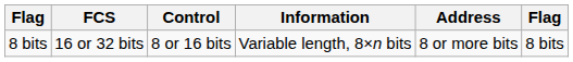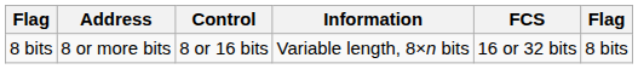 <table class="wikitable">
 <tr>
 <th>Flag</th>
-<th>FCS</th>
+<th>Address</th>
 <th>Control</th>
 <th>Information</th>
-<th>Address</th>
+<th>FCS</th>
 <th>Flag</th>
 </tr>
 <tr>
 <td>8 bits</td>
-<td>16 or 32 bits</td>
+<td>8 or more bits</td>
 <td>8 or 16 bits</td>
 <td>Variable length, 8×<em>n</em> bits</td>
-<td>8 or more bits</td>
+<td>16 or 32 bits</td>
 <td>8 bits</td>
 </tr>
 </table>
